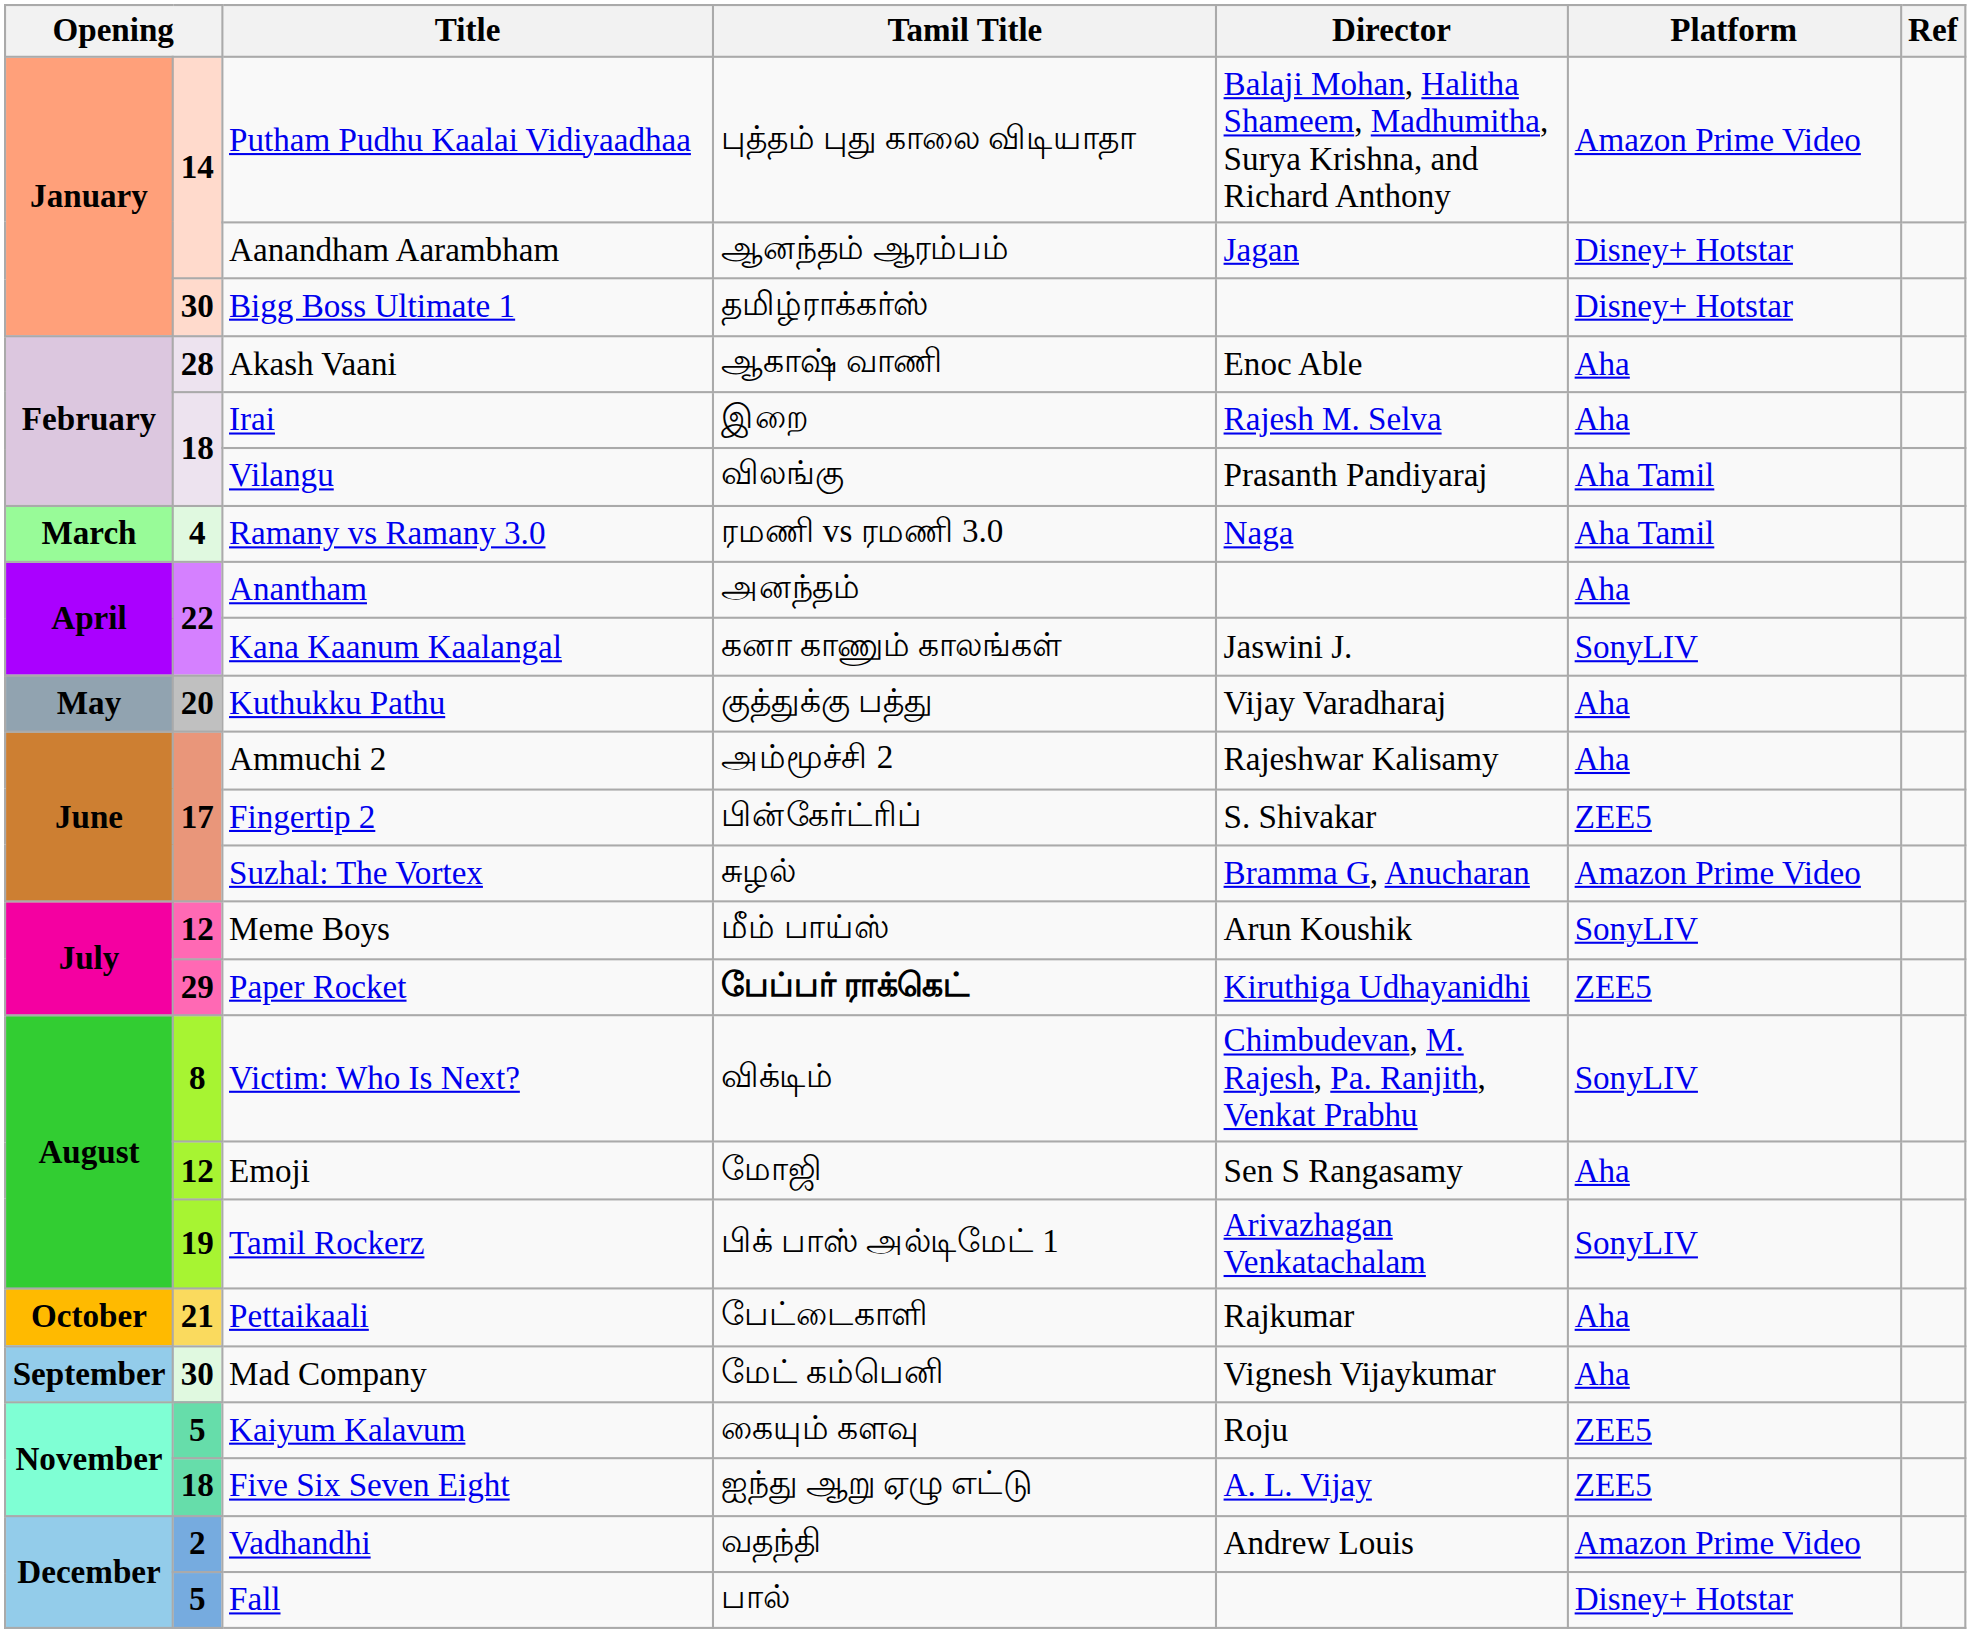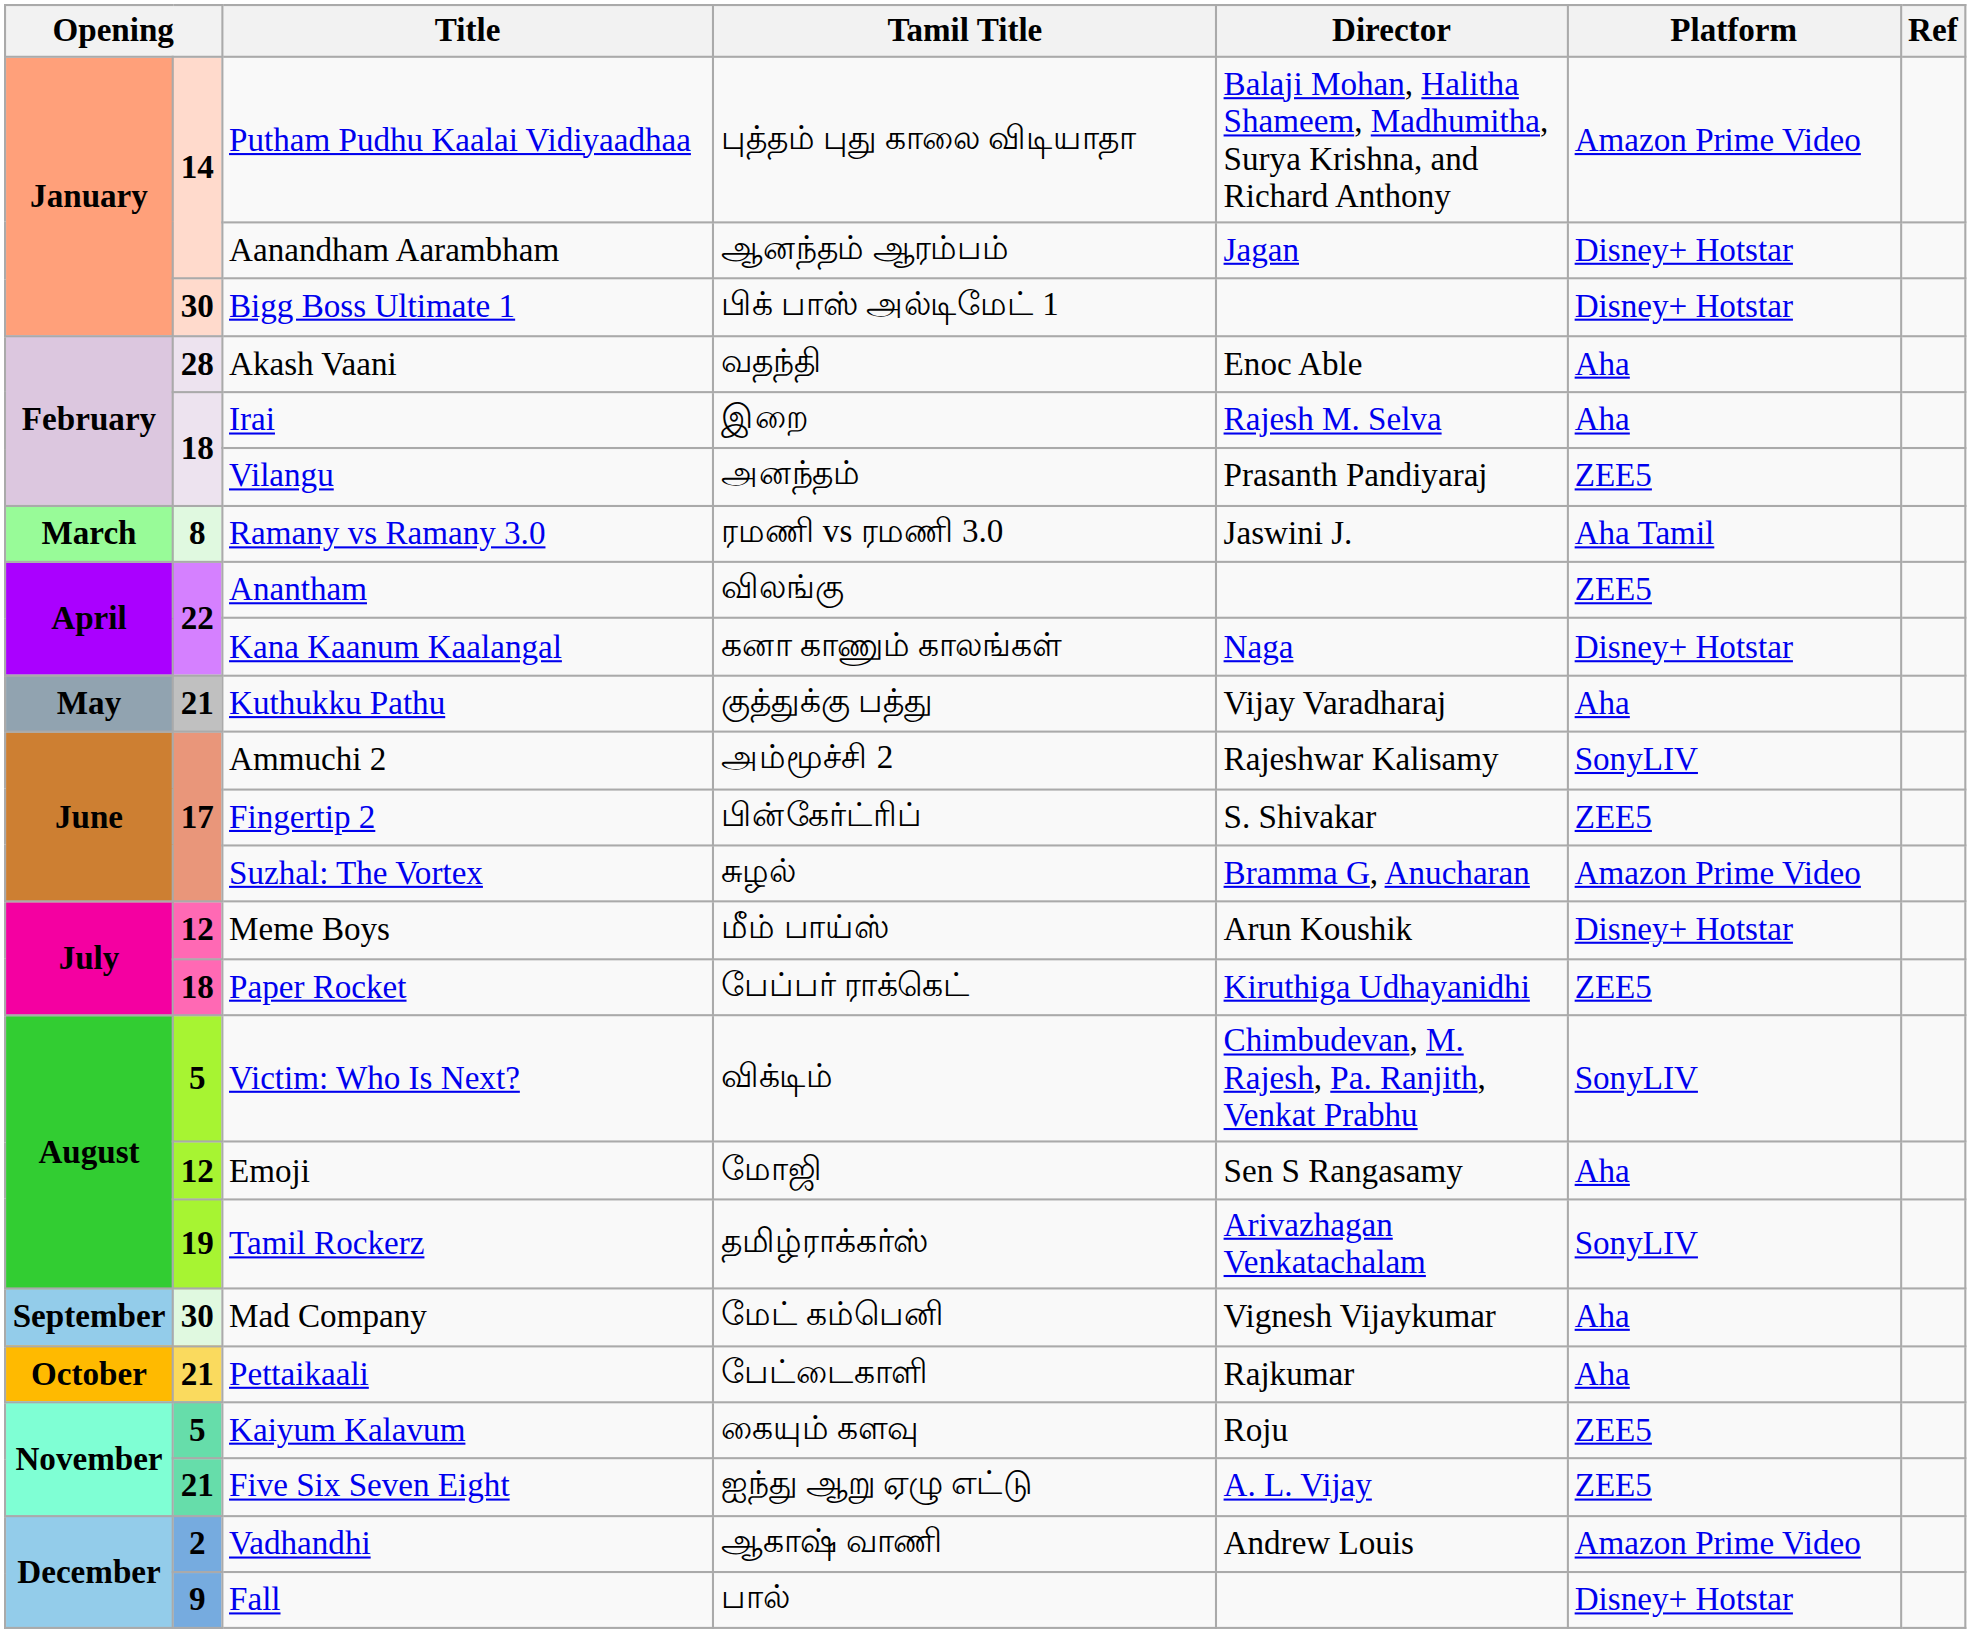 <table class="wikitable" width="75%">
 <tr>
 <th colspan="2">Opening</th>
 <th style="width:30%;">Title</th>
 <th style="width:30%;">Tamil Title</th>
 <th style="width:20%;">Director</th>
 <th style="width:20%;">Platform</th>
 <th>Ref</th>
 </tr>
 <tr>
 <td rowspan="3" style="text-align:center; background:#ffa07a; textcolor:#000;"><strong>January</strong></td>
 <td rowspan="2" style="text-align:center; background:#ffdacc;"><strong>14</strong></td>
 <td><a href='#'>Putham Pudhu Kaalai Vidiyaadhaa</a></td>
 <td>புத்தம் புது காலை விடியாதா</td>
 <td><a href='#'>Balaji Mohan</a>, <a href='#'>Halitha Shameem</a>, <a href='#'>Madhumitha</a>, Surya Krishna, and Richard Anthony</td>
 <td><a href='#'>Amazon Prime Video</a></td>
 <td></td>
 </tr>
 <tr>
 <td>Aanandham Aarambham</td>
 <td>ஆனந்தம் ஆரம்பம்</td>
 <td><a href='#'>Jagan</a></td>
 <td><a href='#'>Disney+ Hotstar</a></td>
 <td></td>
 </tr>
 <tr>
 <td rowspan="1" style="text-align:center; background:#ffdacc;"><strong>30</strong></td>
 <td><a href='#'>Bigg Boss Ultimate 1</a></td>
-<td>தமிழ்ராக்கர்ஸ்</td>
+<td>பிக் பாஸ் அல்டிமேட் 1</td>
 <td></td>
 <td><a href='#'>Disney+ Hotstar</a></td>
 <td></td>
 </tr>
 <tr>
 <td rowspan="3" style="text-align:center; background:#dcc7df; textcolor:#000;"><strong>February</strong></td>
 <td style="text-align:center; background:#ede3ef;"><strong>28</strong></td>
 <td>Akash Vaani</td>
-<td>ஆகாஷ் வாணி</td>
+<td>வதந்தி</td>
 <td>Enoc Able</td>
 <td><a href='#'>Aha</a></td>
 <td></td>
 </tr>
 <tr>
 <td rowspan="2" style="text-align:center; background:#ede3ef;"><strong>18</strong></td>
 <td><a href='#'>Irai</a></td>
 <td>இறை</td>
 <td><a href='#'>Rajesh M. Selva</a></td>
 <td><a href='#'>Aha</a></td>
 <td></td>
 </tr>
 <tr>
 <td><a href='#'>Vilangu</a></td>
-<td>விலங்கு</td>
+<td>அனந்தம்</td>
 <td>Prasanth Pandiyaraj</td>
-<td><a href='#'>Aha Tamil</a></td>
+<td><a href='#'>ZEE5</a></td>
 <td></td>
 </tr>
 <tr>
 <td style="text-align:center; background:#98fb98; textcolor:#000;"><strong>March</strong></td>
-<td style="text-align:center; background:#e0f9e0;"><strong>4</strong></td>
+<td style="text-align:center; background:#e0f9e0;"><strong>8</strong></td>
 <td><a href='#'>Ramany vs Ramany 3.0</a></td>
 <td>ரமணி vs ரமணி 3.0</td>
-<td><a href='#'>Naga</a></td>
+<td>Jaswini J.</td>
 <td><a href='#'>Aha Tamil</a></td>
 <td></td>
 </tr>
 <tr>
 <td rowspan="2" style="text-align:center; background:#a0f; textcolor:#d580ff;"><strong>April</strong></td>
 <td rowspan="2" style="text-align:center; background:#d580ff"><strong>22</strong></td>
 <td><a href='#'>Anantham</a></td>
-<td>அனந்தம்</td>
+<td>விலங்கு</td>
 <td></td>
-<td><a href='#'>Aha</a></td>
+<td><a href='#'>ZEE5</a></td>
 <td></td>
 </tr>
 <tr>
 <td><a href='#'>Kana Kaanum Kaalangal</a></td>
 <td>கனா காணும் காலங்கள்</td>
-<td>Jaswini J.</td>
-<td><a href='#'>SonyLIV</a></td>
+<td><a href='#'>Naga</a></td>
+<td><a href='#'>Disney+ Hotstar</a></td>
 <td></td>
 </tr>
 <tr>
 <td style="text-align:center; background:#91a3b0; textcolor:#000;"><strong>May</strong></td>
-<td style="text-align:center; background:silver;"><strong>20</strong></td>
+<td style="text-align:center; background:silver;"><strong>21</strong></td>
 <td><a href='#'>Kuthukku Pathu</a></td>
 <td>குத்துக்கு பத்து</td>
 <td>Vijay Varadharaj</td>
 <td><a href='#'>Aha</a></td>
 <td></td>
 </tr>
 <tr>
 <td rowspan="3" style="text-align:center; background:#CD7F32; textcolor:#000;"><strong>June</strong></td>
 <td rowspan="3" style="text-align:center; background:#e9967a;"><strong>17</strong></td>
 <td>Ammuchi 2</td>
 <td>அம்மூச்சி 2</td>
 <td>Rajeshwar Kalisamy</td>
-<td><a href='#'>Aha</a></td>
+<td><a href='#'>SonyLIV</a></td>
 <td></td>
 </tr>
 <tr>
 <td><a href='#'>Fingertip 2</a></td>
 <td>பின்கேர்ட்ரிப்</td>
 <td>S. Shivakar</td>
 <td><a href='#'>ZEE5</a></td>
 <td></td>
 </tr>
 <tr>
 <td><a href='#'>Suzhal: The Vortex</a></td>
 <td>சுழல்</td>
 <td><a href='#'>Bramma G</a>, <a href='#'>Anucharan</a></td>
 <td><a href='#'>Amazon Prime Video</a></td>
 <td></td>
 </tr>
 <tr>
 <td rowspan="2" style="text-align:center; background:#F400A1; textcolor:#000;"><strong>July</strong></td>
 <td style="text-align:center; background:hotPink;"><strong>12</strong></td>
 <td>Meme Boys</td>
 <td>மீம் பாய்ஸ்</td>
 <td>Arun Koushik</td>
-<td><a href='#'>SonyLIV</a></td>
+<td><a href='#'>Disney+ Hotstar</a></td>
 <td></td>
 </tr>
 <tr>
-<td style="text-align:center; background:hotPink;"><strong>29</strong></td>
+<td style="text-align:center; background:hotPink;"><strong>18</strong></td>
 <td><a href='#'>Paper Rocket</a></td>
-<td><strong>பேப்பர் ராக்கெட்</strong></td>
+<td>பேப்பர் ராக்கெட்</td>
 <td><a href='#'>Kiruthiga Udhayanidhi</a></td>
 <td><a href='#'>ZEE5</a></td>
 <td></td>
 </tr>
 <tr>
 <td rowspan="3" style="text-align:center; background:#32CD32; textcolor:#d580ff;"><strong>August</strong></td>
-<td style="text-align:center; background:#a7f432;"><strong>8</strong></td>
+<td style="text-align:center; background:#a7f432;"><strong>5</strong></td>
 <td><a href='#'>Victim: Who Is Next?</a></td>
 <td>விக்டிம்</td>
 <td><a href='#'>Chimbudevan</a>, <a href='#'>M. Rajesh</a>, <a href='#'>Pa. Ranjith</a>, <a href='#'>Venkat Prabhu</a></td>
 <td><a href='#'>SonyLIV</a></td>
 <td></td>
 </tr>
 <tr>
 <td style="text-align:center; background:#a7f432;"><strong>12</strong></td>
 <td>Emoji</td>
 <td>மோஜி</td>
 <td>Sen S Rangasamy</td>
 <td><a href='#'>Aha</a></td>
 <td></td>
 </tr>
 <tr>
 <td style="text-align:center; background:#a7f432;"><strong>19</strong></td>
 <td><a href='#'>Tamil Rockerz</a></td>
-<td>பிக் பாஸ் அல்டிமேட் 1</td>
+<td>தமிழ்ராக்கர்ஸ்</td>
 <td><a href='#'>Arivazhagan Venkatachalam</a></td>
 <td><a href='#'>SonyLIV</a></td>
+<td></td>
+</tr>
+<tr>
+<td style="text-align:center; background:#93ccea; textcolor:#000;"><strong>September</strong></td>
+<td style="text-align:center; background:#e0f9e0;"><strong>30</strong></td>
+<td>Mad Company</td>
+<td>மேட் கம்பெனி</td>
+<td>Vignesh Vijaykumar</td>
+<td><a href='#'>Aha</a></td>
 <td></td>
 </tr>
 <tr>
 <td rowspan="1" style="text-align:center; background:#ffba00; textcolor:#000;"><strong>October</strong></td>
 <td rowspan="1" style="text-align:center;background:#FADA5E;"><strong>21</strong></td>
 <td><a href='#'>Pettaikaali</a></td>
 <td>பேட்டைகாளி</td>
 <td>Rajkumar</td>
-<td><a href='#'>Aha</a></td>
-<td></td>
-</tr>
-<tr>
-<td style="text-align:center; background:#93ccea; textcolor:#000;"><strong>September</strong></td>
-<td style="text-align:center; background:#e0f9e0;"><strong>30</strong></td>
-<td>Mad Company</td>
-<td>மேட் கம்பெனி</td>
-<td>Vignesh Vijaykumar</td>
 <td><a href='#'>Aha</a></td>
 <td></td>
 </tr>
 <tr>
 <td rowspan="2" style="text-align:center; background:#7fffd4; textcolor:#000;"><strong>November</strong></td>
 <td style="text-align:center; background:#6da;"><strong>5</strong></td>
 <td><a href='#'>Kaiyum Kalavum</a></td>
 <td>கையும் களவு</td>
 <td>Roju</td>
 <td><a href='#'>ZEE5</a></td>
 <td></td>
 </tr>
 <tr>
-<td style="text-align:center; background:#6da;"><strong>18</strong></td>
+<td style="text-align:center; background:#6da;"><strong>21</strong></td>
 <td><a href='#'>Five Six Seven Eight</a></td>
 <td>ஐந்து ஆறு ஏழு எட்டு</td>
 <td><a href='#'>A. L. Vijay</a></td>
 <td><a href='#'>ZEE5</a></td>
 <td></td>
 </tr>
 <tr>
 <td rowspan="2" style="text-align:center; background:#93CCEA;"><strong>December</strong></td>
 <td style="text-align:center; background:#6da; background:#76ABDF;"><strong>2</strong></td>
 <td><a href='#'>Vadhandhi</a></td>
-<td>வதந்தி</td>
+<td>ஆகாஷ் வாணி</td>
 <td>Andrew Louis</td>
 <td><a href='#'>Amazon Prime Video</a></td>
 <td></td>
 </tr>
 <tr>
-<td style="text-align:center; background:#6da; background:#76ABDF;"><strong>5</strong></td>
+<td style="text-align:center; background:#6da; background:#76ABDF;"><strong>9</strong></td>
 <td><a href='#'>Fall</a></td>
 <td>பால்</td>
 <td></td>
 <td><a href='#'>Disney+ Hotstar</a></td>
 <td></td>
 </tr>
 </table>
